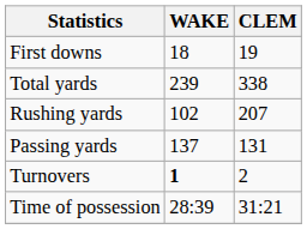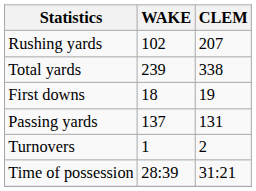 <table class="wikitable" style="float: left;">
 <tr>
 <th>Statistics</th>
 <th>WAKE</th>
 <th>CLEM</th>
 </tr>
 <tr>
-<td>First downs</td>
-<td>18</td>
-<td>19</td>
+<td>Rushing yards</td>
+<td>102</td>
+<td>207</td>
 </tr>
 <tr>
 <td>Total yards</td>
 <td>239</td>
 <td>338</td>
 </tr>
 <tr>
-<td>Rushing yards</td>
-<td>102</td>
-<td>207</td>
+<td>First downs</td>
+<td>18</td>
+<td>19</td>
 </tr>
 <tr>
 <td>Passing yards</td>
 <td>137</td>
 <td>131</td>
 </tr>
 <tr>
 <td>Turnovers</td>
-<td><strong>1</strong></td>
+<td>1</td>
 <td>2</td>
 </tr>
 <tr>
 <td>Time of possession</td>
 <td>28:39</td>
 <td>31:21</td>
 </tr>
 <tr>
 </tr>
 </table>
